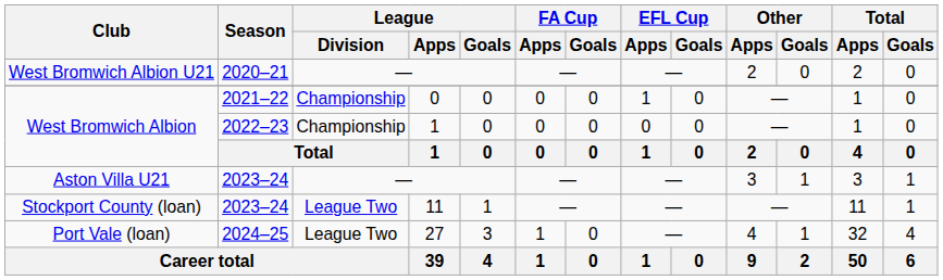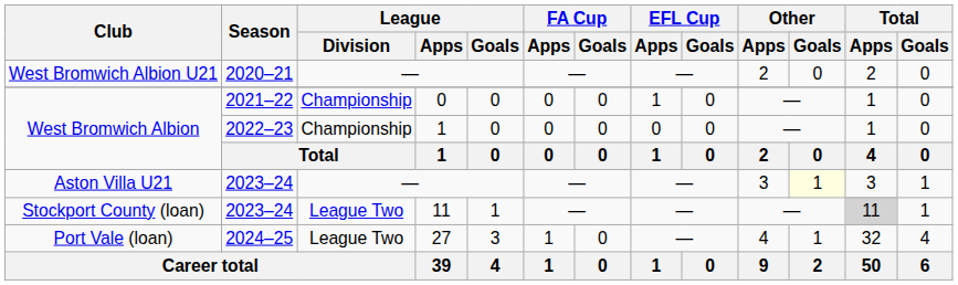 <table class="wikitable" style="text-align:center">
 <tr>
 <th rowspan="2">Club</th>
 <th rowspan="2">Season</th>
 <th colspan="3">League</th>
 <th colspan="2"><a href='#'>FA Cup</a></th>
 <th colspan="2"><a href='#'>EFL Cup</a></th>
 <th colspan="2">Other</th>
 <th colspan="2">Total</th>
 </tr>
 <tr>
 <th>Division</th>
 <th>Apps</th>
 <th>Goals</th>
 <th>Apps</th>
 <th>Goals</th>
 <th>Apps</th>
 <th>Goals</th>
 <th>Apps</th>
 <th>Goals</th>
 <th>Apps</th>
 <th>Goals</th>
 </tr>
 <tr>
 <td><a href='#'>West Bromwich Albion U21</a></td>
 <td><a href='#'>2020–21</a></td>
 <td colspan="3">—</td>
 <td colspan="2">—</td>
 <td colspan="2">—</td>
 <td>2</td>
 <td>0</td>
 <td>2</td>
 <td>0</td>
 </tr>
 <tr>
 </tr>
 <tr>
 <td rowspan="3"><a href='#'>West Bromwich Albion</a></td>
 <td><a href='#'>2021–22</a></td>
 <td><a href='#'>Championship</a></td>
 <td>0</td>
 <td>0</td>
 <td>0</td>
 <td>0</td>
 <td>1</td>
 <td>0</td>
 <td colspan="2">—</td>
 <td>1</td>
 <td>0</td>
 </tr>
 <tr>
 <td><a href='#'>2022–23</a></td>
 <td>Championship</td>
 <td>1</td>
 <td>0</td>
 <td>0</td>
 <td>0</td>
 <td>0</td>
 <td>0</td>
 <td colspan="2">—</td>
 <td>1</td>
 <td>0</td>
 </tr>
 <tr>
 <th colspan="2">Total</th>
 <th>1</th>
 <th>0</th>
 <th>0</th>
 <th>0</th>
 <th>1</th>
 <th>0</th>
 <th>2</th>
 <th>0</th>
 <th>4</th>
 <th>0</th>
 </tr>
 <tr>
 <td><a href='#'>Aston Villa U21</a></td>
 <td><a href='#'>2023–24</a></td>
 <td colspan="3">—</td>
 <td colspan="2">—</td>
 <td colspan="2">—</td>
 <td>3</td>
-<td>1</td>
+<td style="background: lightyellow;">1</td>
 <td>3</td>
 <td>1</td>
 </tr>
 <tr>
 <td><a href='#'>Stockport County</a> (loan)</td>
 <td><a href='#'>2023–24</a></td>
 <td><a href='#'>League Two</a></td>
 <td>11</td>
 <td>1</td>
 <td colspan="2">—</td>
 <td colspan="2">—</td>
 <td colspan="2">—</td>
-<td>11</td>
+<td style="background: lightgrey;">11</td>
 <td>1</td>
 </tr>
 <tr>
 <td><a href='#'>Port Vale</a> (loan)</td>
 <td><a href='#'>2024–25</a></td>
 <td>League Two</td>
 <td>27</td>
 <td>3</td>
 <td>1</td>
 <td>0</td>
 <td colspan="2">—</td>
 <td>4</td>
 <td>1</td>
 <td>32</td>
 <td>4</td>
 </tr>
 <tr>
 <th colspan="3">Career total</th>
 <th>39</th>
 <th>4</th>
 <th>1</th>
 <th>0</th>
 <th>1</th>
 <th>0</th>
 <th>9</th>
 <th>2</th>
 <th>50</th>
 <th>6</th>
 </tr>
 </table>
